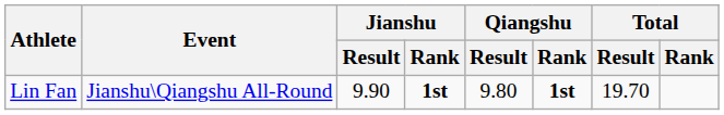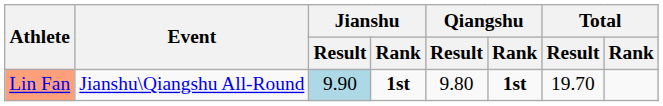 <table class=wikitable style="font-size:90%">
 <tr>
 <th rowspan="2">Athlete</th>
 <th rowspan="2">Event</th>
 <th colspan="2">Jianshu</th>
 <th colspan="2">Qiangshu</th>
 <th colspan="2">Total</th>
 </tr>
 <tr>
 <th>Result</th>
 <th>Rank</th>
 <th>Result</th>
 <th>Rank</th>
 <th>Result</th>
 <th>Rank</th>
 </tr>
 <tr>
-<td><a href='#'>Lin Fan</a></td>
+<td style="background: lightsalmon;"><a href='#'>Lin Fan</a></td>
 <td><a href='#'>Jianshu\Qiangshu All-Round</a></td>
-<td align=center>9.90</td>
+<td align=center style="background: lightblue;">9.90</td>
 <td align=center><strong>1st</strong></td>
 <td align=center>9.80</td>
 <td align=center><strong>1st</strong></td>
 <td align=center>19.70</td>
 <td align=center></td>
 </tr>
 </table>
